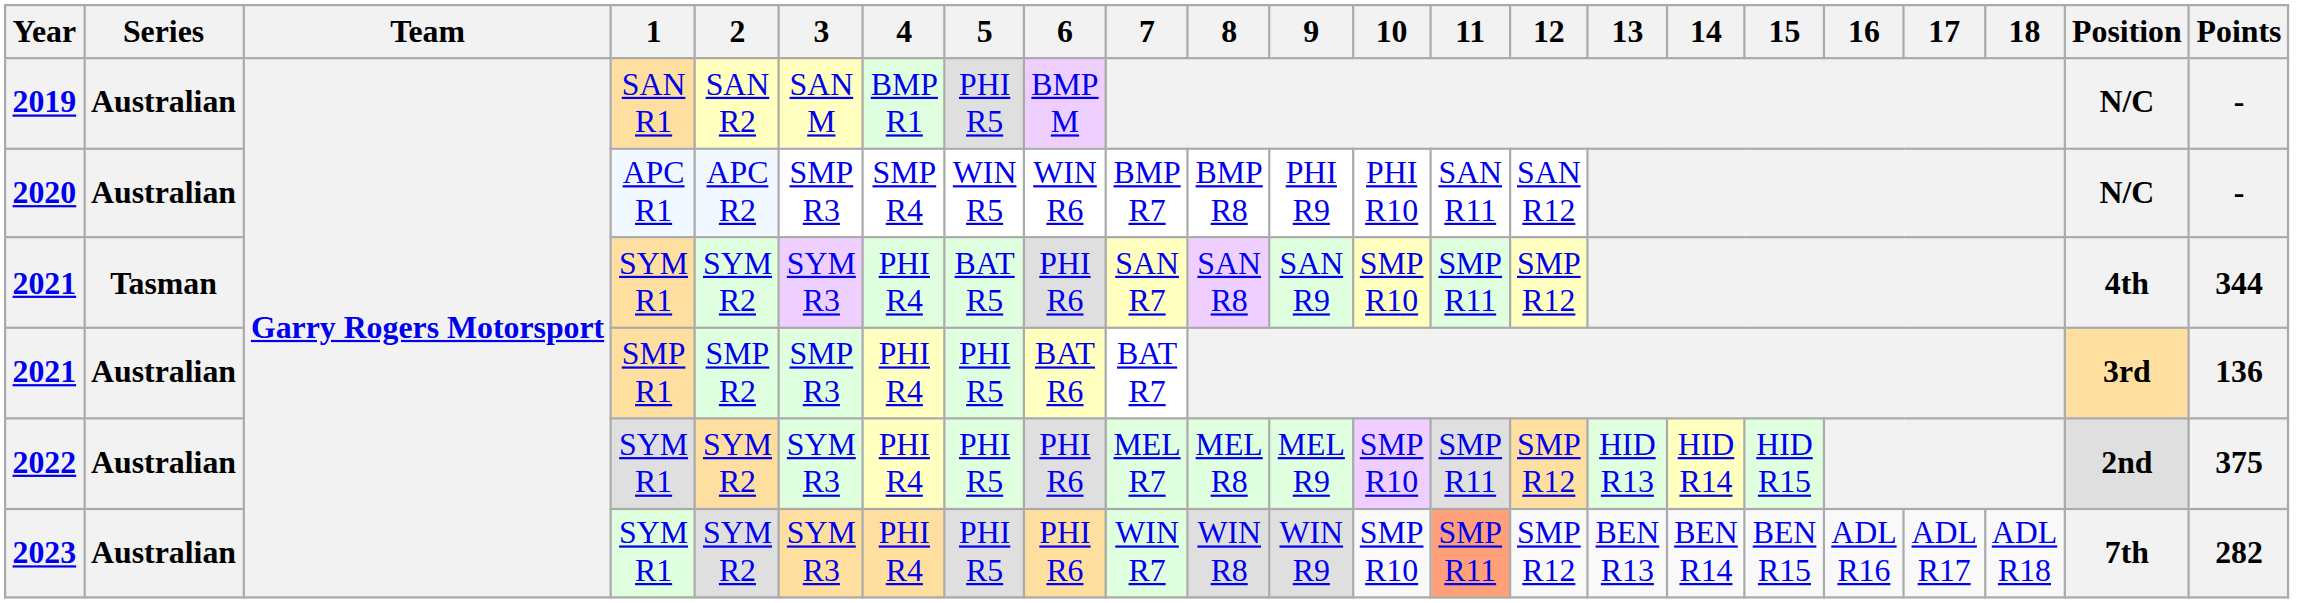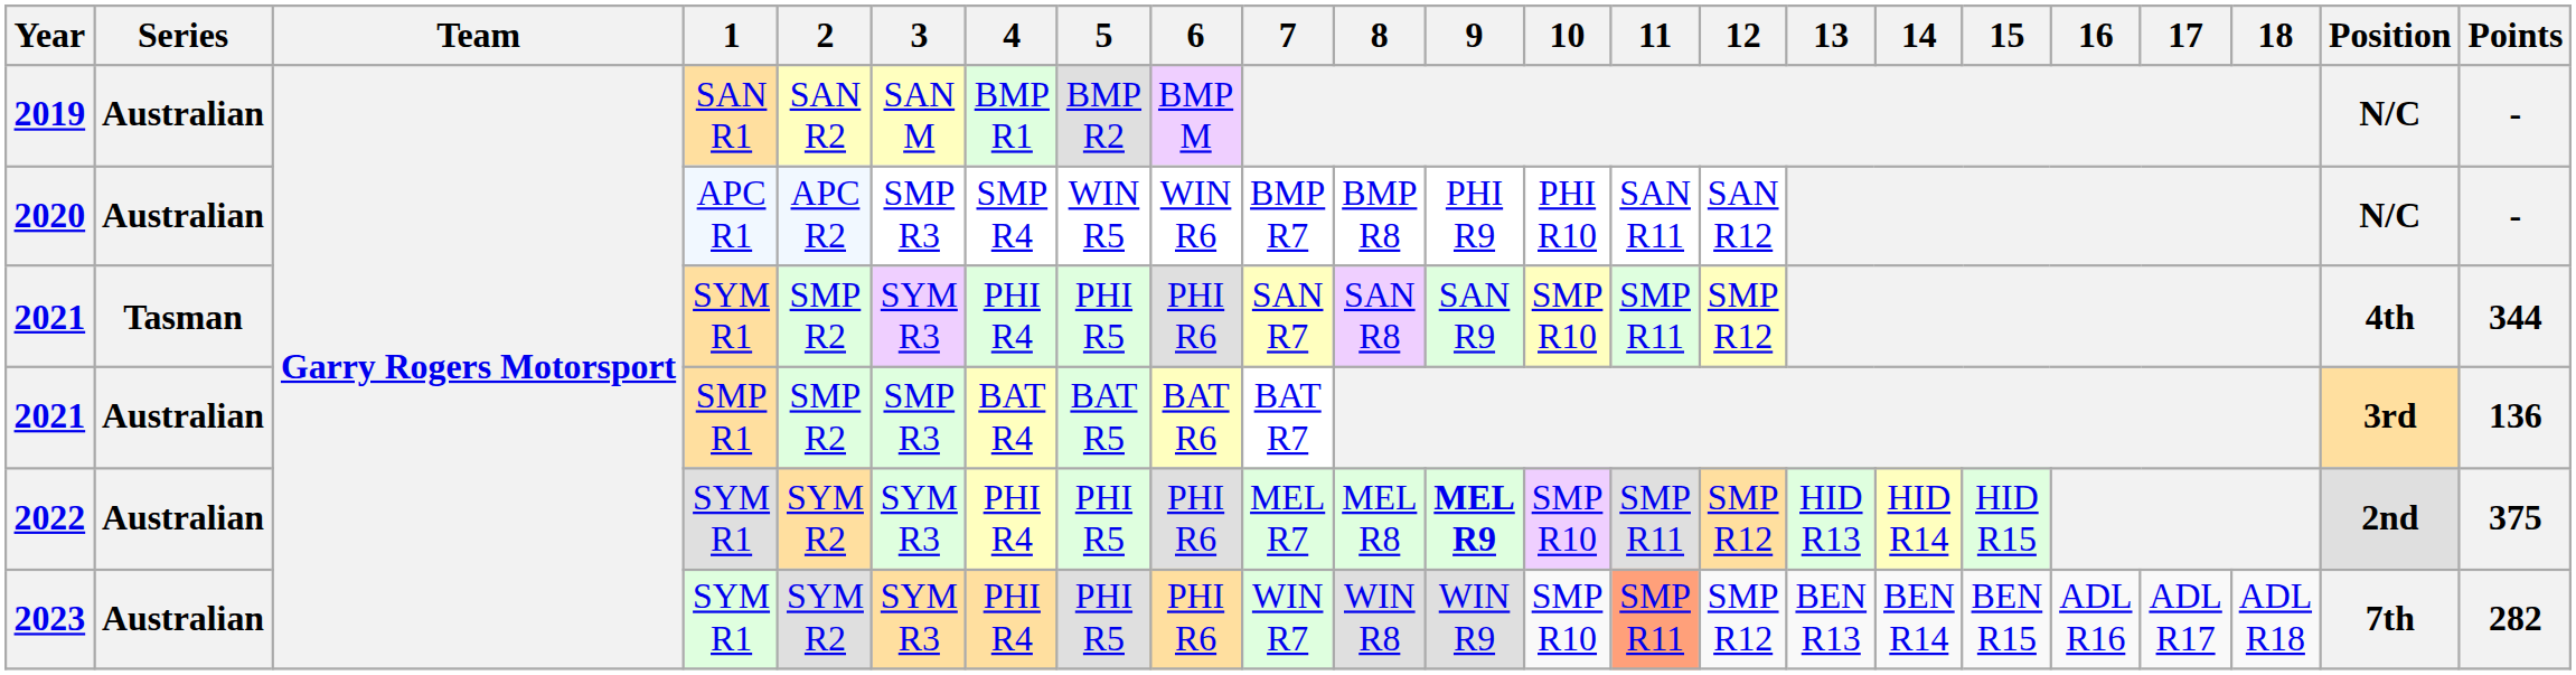 <table class="wikitable" style="text-align:center; font-size:90%">
 <tr>
 <th>Year</th>
 <th>Series</th>
 <th>Team</th>
 <th>1</th>
 <th>2</th>
 <th>3</th>
 <th>4</th>
 <th>5</th>
 <th>6</th>
 <th>7</th>
 <th>8</th>
 <th>9</th>
 <th>10</th>
 <th>11</th>
 <th>12</th>
 <th>13</th>
 <th>14</th>
 <th>15</th>
 <th>16</th>
 <th>17</th>
 <th>18</th>
 <th>Position</th>
 <th>Points</th>
 </tr>
 <tr>
 <th><a href='#'>2019</a></th>
 <th>Australian</th>
 <th rowspan=6><a href='#'>Garry Rogers Motorsport</a></th>
 <td style=background:#ffdf9f><a href='#'>SAN<br>R1</a><br></td>
 <td style=background:#ffffbf><a href='#'>SAN<br>R2</a><br></td>
 <td style=background:#ffffbf><a href='#'>SAN<br>M</a><em><br></em></td>
 <td style=background:#dfffdf><a href='#'>BMP<br>R1</a><br></td>
-<td style="background:#dfdfdf"><a href='#'>PHI<br>R5</a><br></td>
+<td style=background:#dfdfdf><a href='#'>BMP<br>R2</a><br></td>
 <td style=background:#efcfff><a href='#'>BMP<br>M</a><br></td>
 <th colspan=12></th>
 <th>N/C</th>
 <th>-</th>
 </tr>
 <tr>
 <th><a href='#'>2020</a></th>
 <th>Australian</th>
 <td style=background:#f1f8ff><a href='#'>APC<br>R1</a><br></td>
 <td style=background:#f1f8ff><a href='#'>APC<br>R2</a><br></td>
 <td style=background:#ffffff><a href='#'>SMP<br>R3</a><br></td>
 <td style=background:#ffffff><a href='#'>SMP<br>R4</a><br></td>
 <td style=background:#ffffff><a href='#'>WIN<br>R5</a><br></td>
 <td style=background:#ffffff><a href='#'>WIN<br>R6</a><br></td>
 <td style=background:#ffffff><a href='#'>BMP<br>R7</a><br></td>
 <td style=background:#ffffff><a href='#'>BMP<br>R8</a><br></td>
 <td style=background:#ffffff><a href='#'>PHI<br>R9</a><br></td>
 <td style=background:#ffffff><a href='#'>PHI<br>R10</a><br></td>
 <td style=background:#ffffff><a href='#'>SAN<br>R11</a><br></td>
 <td style=background:#ffffff><a href='#'>SAN<br>R12</a><br></td>
 <th colspan=6></th>
 <th>N/C</th>
 <th>-</th>
 </tr>
 <tr>
 <th><a href='#'>2021</a></th>
 <th>Tasman</th>
 <td style=background:#ffdf9f><a href='#'>SYM<br>R1</a><br></td>
-<td style=background:#dfffdf><a href='#'>SYM<br>R2</a><br></td>
+<td style=background:#dfffdf><a href='#'>SMP<br>R2</a><br></td>
 <td style=background:#efcfff><a href='#'>SYM<br>R3</a><br></td>
 <td style=background:#dfffdf><a href='#'>PHI<br>R4</a><br></td>
-<td style=background:#dfffdf><a href='#'>BAT<br>R5</a><br></td>
+<td style=background:#dfffdf><a href='#'>PHI<br>R5</a><br></td>
 <td style=background:#dfdfdf><a href='#'>PHI<br>R6</a><br></td>
 <td style=background:#ffffbf><a href='#'>SAN<br>R7</a><br></td>
 <td style=background:#efcfff><a href='#'>SAN<br>R8</a><br></td>
 <td style=background:#dfffdf><a href='#'>SAN<br>R9</a><br></td>
 <td style=background:#ffffbf><a href='#'>SMP<br>R10</a><br></td>
 <td style=background:#dfffdf><a href='#'>SMP<br>R11</a><br></td>
 <td style=background:#ffffbf><a href='#'>SMP<br>R12</a><br></td>
 <th colspan=6></th>
 <th>4th</th>
 <th>344</th>
 </tr>
 <tr>
 <th><a href='#'>2021</a></th>
 <th>Australian</th>
 <td style=background:#ffdf9f><a href='#'>SMP<br>R1</a><br></td>
 <td style=background:#dfffdf><a href='#'>SMP<br>R2</a><br></td>
 <td style=background:#dfffdf><a href='#'>SMP<br>R3</a><br></td>
-<td style=background:#ffffbf><a href='#'>PHI<br>R4</a><br></td>
-<td style=background:#dfffdf><a href='#'>PHI<br>R5</a><br></td>
+<td style=background:#ffffbf><a href='#'>BAT<br>R4</a><br></td>
+<td style=background:#dfffdf><a href='#'>BAT<br>R5</a><br></td>
 <td style=background:#ffffbf><a href='#'>BAT<br>R6</a><br></td>
 <td style=background:#ffffff><a href='#'>BAT<br>R7</a><br></td>
 <th colspan=11></th>
 <th style=background:#ffdf9f><strong>3rd</strong></th>
 <th>136</th>
 </tr>
 <tr>
 <th><a href='#'>2022</a></th>
 <th>Australian</th>
 <td style=background:#dfdfdf><a href='#'>SYM<br>R1</a><br></td>
 <td style=background:#ffdf9f><a href='#'>SYM<br>R2</a><br></td>
 <td style=background:#dfffdf><a href='#'>SYM<br>R3</a><br></td>
 <td style=background:#ffffbf><a href='#'>PHI<br>R4</a><br></td>
 <td style=background:#dfffdf><a href='#'>PHI<br>R5</a><br></td>
 <td style=background:#dfdfdf><a href='#'>PHI<br>R6</a><br></td>
 <td style=background:#dfffdf><a href='#'>MEL<br>R7</a><br></td>
 <td style=background:#dfffdf><a href='#'>MEL<br>R8</a><br></td>
-<td style=background:#dfffdf><a href='#'>MEL<br>R9</a><br></td>
+<td style=background:#dfffdf><strong><a href='#'>MEL<br>R9</a><br></strong></td>
 <td style=background:#efcfff><a href='#'>SMP<br>R10</a><br></td>
 <td style=background:#dfdfdf><a href='#'>SMP<br>R11</a><br></td>
 <td style=background:#ffdf9f><a href='#'>SMP<br>R12</a><br></td>
 <td style=background:#dfffdf><a href='#'>HID<br>R13</a><br></td>
 <td style=background:#ffffbf><a href='#'>HID<br>R14</a><br></td>
 <td style=background:#dfffdf><a href='#'>HID<br>R15</a><br></td>
 <th colspan=3></th>
 <th style=background:#dfdfdf><strong>2nd</strong></th>
 <th>375</th>
 </tr>
 <tr>
 <th><a href='#'>2023</a></th>
 <th>Australian</th>
 <td style="background:#dfffdf"><a href='#'>SYM<br>R1</a><br></td>
 <td style="background:#dfdfdf"><a href='#'>SYM<br>R2</a><br></td>
 <td style="background:#ffdf9f"><a href='#'>SYM<br>R3</a><br></td>
 <td style="background:#ffdf9f"><a href='#'>PHI<br>R4</a><br></td>
 <td style="background:#dfdfdf"><a href='#'>PHI<br>R5</a><br></td>
 <td style="background:#ffdf9f"><a href='#'>PHI<br>R6</a><br></td>
 <td style="background:#dfffdf"><a href='#'>WIN<br>R7</a><br></td>
 <td style="background:#dfdfdf"><a href='#'>WIN<br>R8</a><br></td>
 <td style="background:#dfdfdf"><a href='#'>WIN<br>R9</a><br></td>
 <td><a href='#'>SMP<br>R10</a></td>
 <td style="background: lightsalmon;"><a href='#'>SMP<br>R11</a></td>
 <td><a href='#'>SMP<br>R12</a></td>
 <td><a href='#'>BEN<br>R13</a></td>
 <td><a href='#'>BEN<br>R14</a></td>
 <td><a href='#'>BEN<br>R15</a></td>
 <td><a href='#'>ADL<br>R16</a></td>
 <td><a href='#'>ADL<br>R17</a></td>
 <td><a href='#'>ADL<br>R18</a></td>
 <th>7th</th>
 <th>282</th>
 </tr>
 </table>
